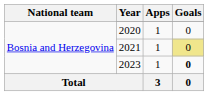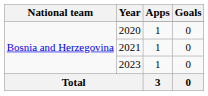 <table class="wikitable" style="text-align:center">
 <tr>
 <th>National team</th>
 <th>Year</th>
 <th>Apps</th>
 <th>Goals</th>
 </tr>
 <tr>
 <td rowspan=4><a href='#'>Bosnia and Herzegovina</a></td>
 </tr>
 <tr>
 <td>2020</td>
 <td>1</td>
 <td>0</td>
 </tr>
 <tr>
 <td>2021</td>
 <td>1</td>
-<td style="background: khaki;">0</td>
+<td>0</td>
 </tr>
 <tr>
 <td>2023</td>
 <td>1</td>
-<td><strong>0</strong></td>
+<td>0</td>
 </tr>
 <tr>
 <th colspan=2>Total</th>
 <th>3</th>
 <th>0</th>
 </tr>
 </table>
